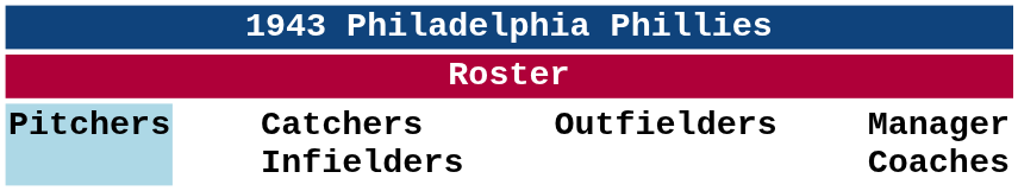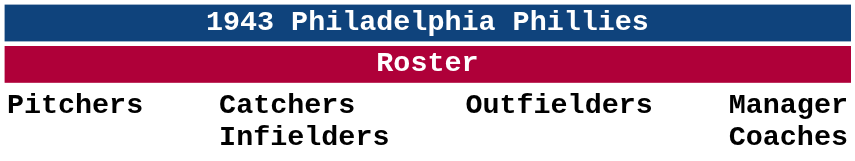 <table class="toccolours" style="font-size: 95%;">
 <tr>
 <th colspan="10" style="background:#0f437c; color:white; text-align:center;">1943 Philadelphia Phillies</th>
 </tr>
 <tr>
 <td colspan="10" style="background:#af0039; color:white; text-align:center;"><strong>Roster</strong></td>
 </tr>
 <tr>
-<td valign="top" style="background: lightblue;"><strong>Pitchers</strong><br>                    </td>
+<td valign="top"><strong>Pitchers</strong><br>                    </td>
 <td style="width:25px;"></td>
 <td valign="top"><strong>Catchers</strong><br>      <strong>Infielders</strong>        </td>
 <td style="width:25px;"></td>
 <td valign="top"><strong>Outfielders</strong><br>      </td>
 <td style="width:25px;"></td>
 <td valign="top"><strong>Manager</strong><br>  <strong>Coaches</strong>  </td>
 </tr>
 </table>
